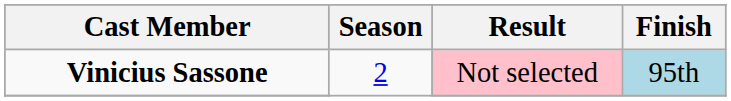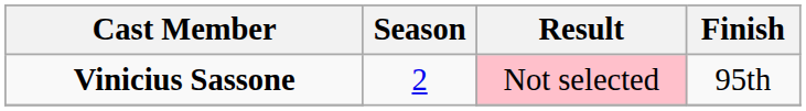 <table class="wikitable sortable" style="text-align: center">
 <tr>
 <th width=175>Cast Member</th>
 <th width=050>Season</th>
 <th width=100>Result</th>
 <th width=050>Finish</th>
 </tr>
 <tr>
 <td><strong>Vinicius Sassone </strong><br></td>
 <td rowspan=2><a href='#'>2</a></td>
 <td bgcolor=FFC0CB nowrap>Not selected</td>
-<td style="background: lightblue;">95th</td>
+<td>95th</td>
 </tr>
 <tr>
 </tr>
 </table>
